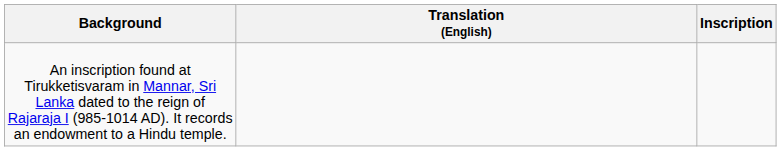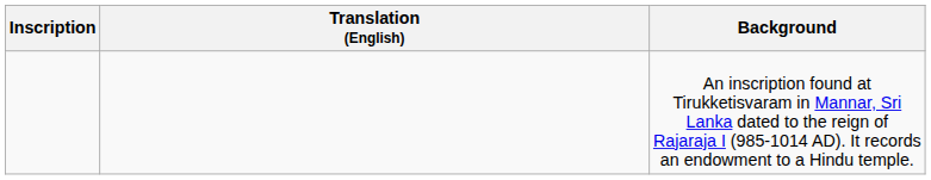 <table class="wikitable centre">
 <tr>
+<th>Inscription<br></th>
+<th>Translation<br><small>(English)</small></th>
 <th scope="col" align=left>Background<br></th>
-<th>Translation<br><small>(English)</small></th>
-<th>Inscription<br></th>
 </tr>
 <tr>
+<td align=center width="10%"><br> </td>
+<td align=left><br></td>
 <td align=center width="30%"><br>An inscription found at Tirukketisvaram in <a href='#'>Mannar, Sri Lanka</a> dated to the reign of <a href='#'>Rajaraja I</a> (985-1014 AD). It records an endowment to a Hindu temple.</td>
-<td align=left><br></td>
-<td align=center width="10%"><br> </td>
 </tr>
 </table>
